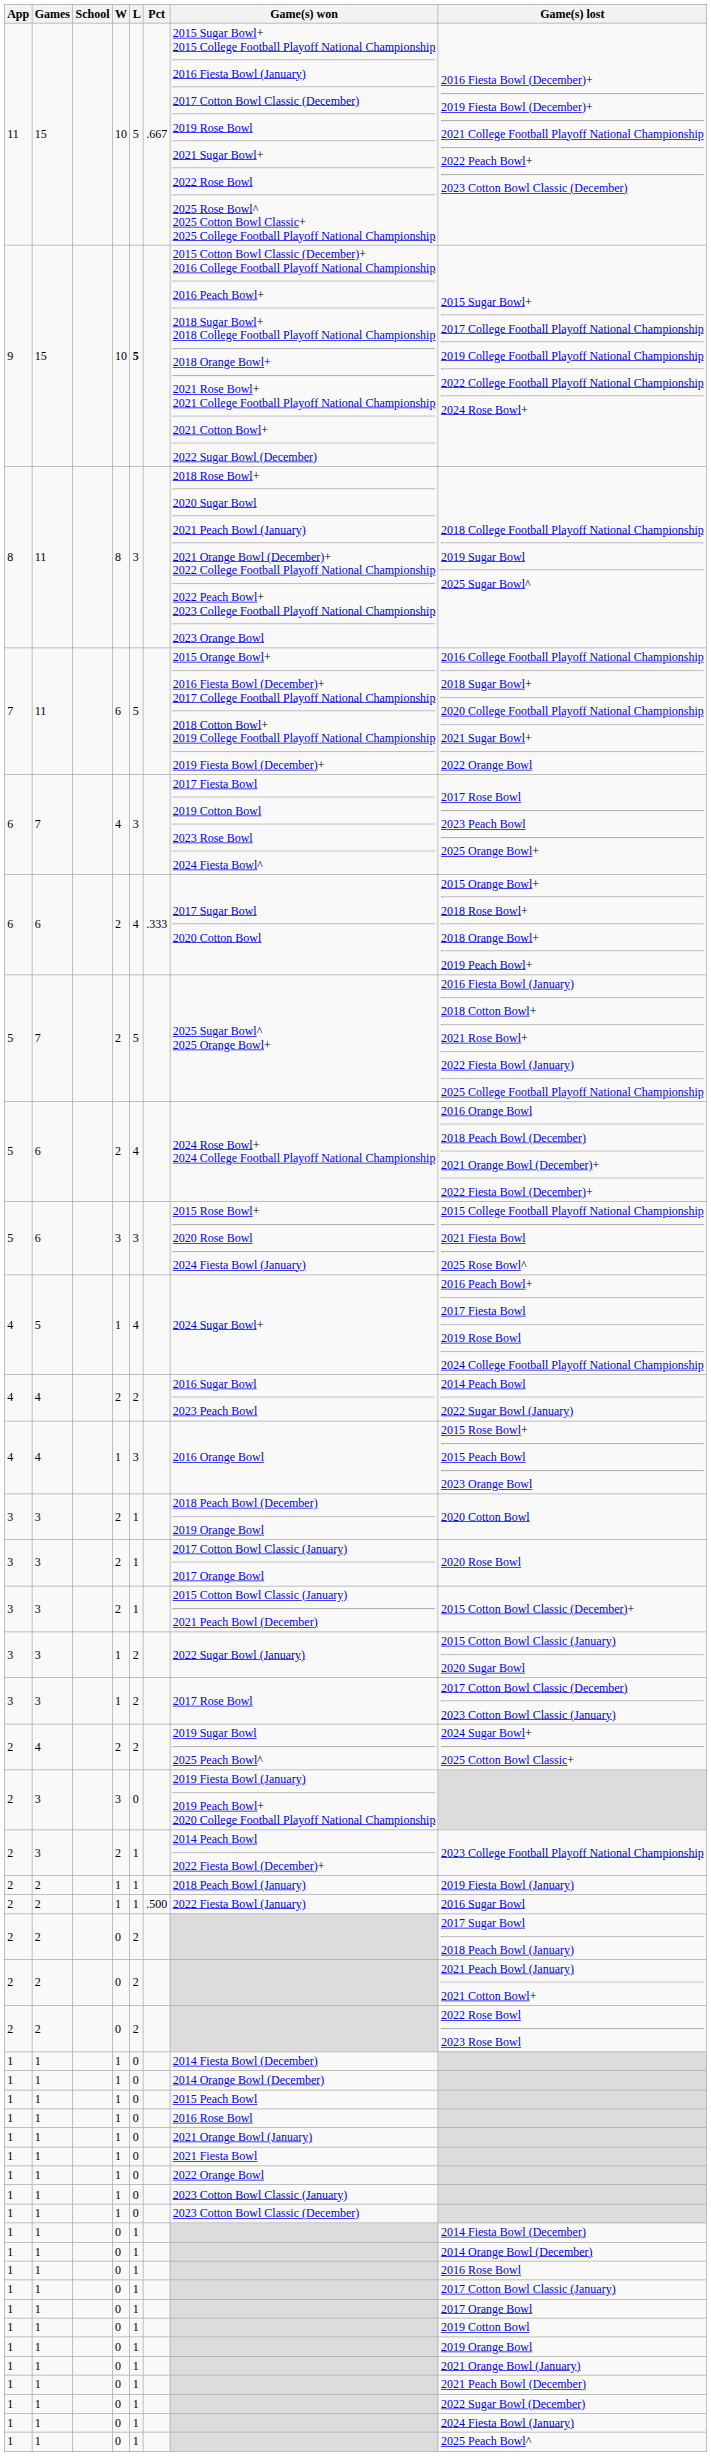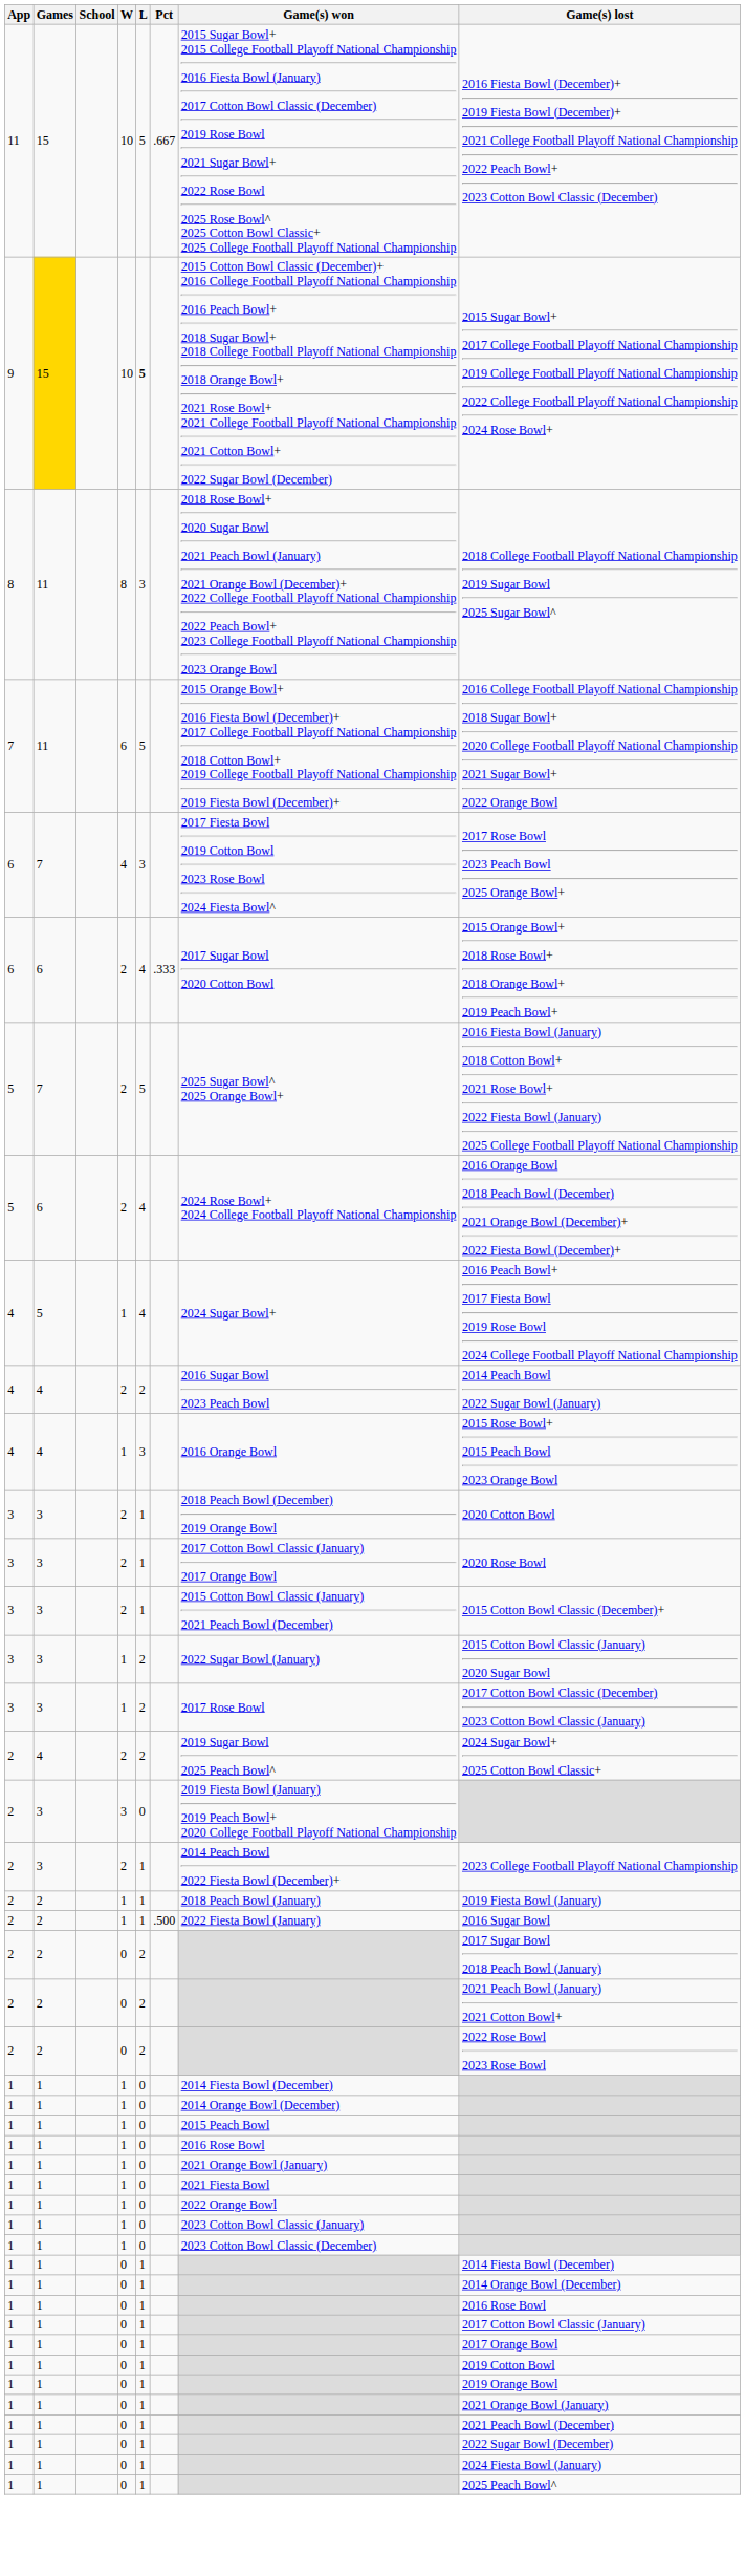 <table class="wikitable sortable">
 <tr>
 <th>App</th>
 <th>Games</th>
 <th>School</th>
 <th>W</th>
 <th>L</th>
 <th>Pct</th>
 <th class="unsortable" !>Game(s) won</th>
 <th class="unsortable" !>Game(s) lost</th>
 </tr>
 <tr>
 <td>11</td>
 <td>15</td>
 <td><a href='#'></a></td>
 <td>10</td>
 <td>5</td>
 <td>.667</td>
 <td><a href='#'>2015 Sugar Bowl</a>+<br><a href='#'>2015 College Football Playoff National Championship</a><hr><a href='#'>2016 Fiesta Bowl (January)</a><hr><a href='#'>2017 Cotton Bowl Classic (December)</a><hr><a href='#'>2019 Rose Bowl</a><hr><a href='#'>2021 Sugar Bowl</a>+<hr><a href='#'>2022 Rose Bowl</a><hr><a href='#'>2025 Rose Bowl</a>^<br><a href='#'>2025 Cotton Bowl Classic</a>+<br><a href='#'>2025 College Football Playoff National Championship</a></td>
 <td><a href='#'>2016 Fiesta Bowl (December)</a>+<hr><a href='#'>2019 Fiesta Bowl (December)</a>+<hr><a href='#'>2021 College Football Playoff National Championship</a><hr> <a href='#'>2022 Peach Bowl</a>+<hr><a href='#'>2023 Cotton Bowl Classic (December)</a></td>
 </tr>
 <tr>
 <td>9</td>
-<td>15</td>
+<td style="background: gold;">15</td>
 <td><a href='#'></a></td>
 <td>10</td>
 <td><strong>5</strong></td>
 <td></td>
 <td><a href='#'>2015 Cotton Bowl Classic (December)</a>+<br><a href='#'>2016 College Football Playoff National Championship</a><hr><a href='#'>2016 Peach Bowl</a>+<hr><a href='#'>2018 Sugar Bowl</a>+<br><a href='#'>2018 College Football Playoff National Championship</a><hr><a href='#'>2018 Orange Bowl</a>+<hr><a href='#'>2021 Rose Bowl</a>+<br><a href='#'>2021 College Football Playoff National Championship</a><hr><a href='#'>2021 Cotton Bowl</a>+ <hr> <a href='#'>2022 Sugar Bowl (December)</a></td>
 <td><a href='#'>2015 Sugar Bowl</a>+<hr><a href='#'>2017 College Football Playoff National Championship</a><hr><a href='#'>2019 College Football Playoff National Championship</a><hr><a href='#'>2022 College Football Playoff National Championship</a><hr><a href='#'>2024 Rose Bowl</a>+</td>
 </tr>
 <tr>
 <td>8</td>
 <td>11</td>
 <td><a href='#'></a></td>
 <td>8</td>
 <td>3</td>
 <td></td>
 <td><a href='#'>2018 Rose Bowl</a>+<hr><a href='#'>2020 Sugar Bowl</a><hr><a href='#'>2021 Peach Bowl (January)</a><hr><a href='#'>2021 Orange Bowl (December)</a>+ <br><a href='#'>2022 College Football Playoff National Championship</a><hr> <a href='#'>2022 Peach Bowl</a>+<br><a href='#'>2023 College Football Playoff National Championship</a> <hr><a href='#'>2023 Orange Bowl</a></td>
 <td><a href='#'>2018 College Football Playoff National Championship</a><hr><a href='#'>2019 Sugar Bowl</a><hr><a href='#'>2025 Sugar Bowl</a>^</td>
 </tr>
 <tr>
 <td>7</td>
 <td>11</td>
 <td><a href='#'></a></td>
 <td>6</td>
 <td>5</td>
 <td></td>
 <td><a href='#'>2015 Orange Bowl</a>+<hr><a href='#'>2016 Fiesta Bowl (December)</a>+<br><a href='#'>2017 College Football Playoff National Championship</a><hr><a href='#'>2018 Cotton Bowl</a>+<br><a href='#'>2019 College Football Playoff National Championship</a><hr><a href='#'>2019 Fiesta Bowl (December)</a>+</td>
 <td><a href='#'>2016 College Football Playoff National Championship</a><hr><a href='#'>2018 Sugar Bowl</a>+<hr><a href='#'>2020 College Football Playoff National Championship</a><hr><a href='#'>2021 Sugar Bowl</a>+<hr><a href='#'>2022 Orange Bowl</a></td>
 </tr>
 <tr>
 <td>6</td>
 <td>7</td>
 <td><a href='#'></a></td>
 <td>4</td>
 <td>3</td>
 <td></td>
 <td><a href='#'>2017 Fiesta Bowl</a><hr><a href='#'>2019 Cotton Bowl</a><hr><a href='#'>2023 Rose Bowl</a><hr><a href='#'>2024 Fiesta Bowl</a>^</td>
 <td><a href='#'>2017 Rose Bowl</a><hr> <a href='#'>2023 Peach Bowl</a><hr><a href='#'>2025 Orange Bowl</a>+</td>
 </tr>
 <tr>
 <td>6</td>
 <td>6</td>
 <td><a href='#'></a></td>
 <td>2</td>
 <td>4</td>
 <td>.333</td>
 <td><a href='#'>2017 Sugar Bowl</a><hr><a href='#'>2020 Cotton Bowl</a></td>
 <td><a href='#'>2015 Orange Bowl</a>+<hr><a href='#'>2018 Rose Bowl</a>+<hr><a href='#'>2018 Orange Bowl</a>+<hr><a href='#'>2019 Peach Bowl</a>+</td>
 </tr>
 <tr>
 <td>5</td>
 <td>7</td>
 <td><a href='#'></a></td>
 <td>2</td>
 <td>5</td>
 <td></td>
 <td><a href='#'>2025 Sugar Bowl</a>^<br><a href='#'>2025 Orange Bowl</a>+</td>
 <td><a href='#'>2016 Fiesta Bowl (January)</a><hr> <a href='#'>2018 Cotton Bowl</a>+<hr> <a href='#'>2021 Rose Bowl</a>+<hr><a href='#'>2022 Fiesta Bowl (January)</a><hr><a href='#'>2025 College Football Playoff National Championship</a></td>
 </tr>
 <tr>
 <td>5</td>
 <td>6</td>
 <td><a href='#'></a></td>
 <td>2</td>
 <td>4</td>
 <td></td>
 <td><a href='#'>2024 Rose Bowl</a>+<br><a href='#'>2024 College Football Playoff National Championship</a></td>
 <td><a href='#'>2016 Orange Bowl</a><hr> <a href='#'>2018 Peach Bowl (December)</a><hr><a href='#'>2021 Orange Bowl (December)</a>+ <hr> <a href='#'>2022 Fiesta Bowl (December)</a>+</td>
-</tr>
-<tr>
-<td>5</td>
-<td>6</td>
-<td><a href='#'></a></td>
-<td>3</td>
-<td>3</td>
-<td></td>
-<td><a href='#'>2015 Rose Bowl</a>+<hr><a href='#'>2020 Rose Bowl</a><hr><a href='#'>2024 Fiesta Bowl (January)</a></td>
-<td><a href='#'>2015 College Football Playoff National Championship</a><hr> <a href='#'>2021 Fiesta Bowl</a><hr><a href='#'>2025 Rose Bowl</a>^</td>
 </tr>
 <tr>
 <td>4</td>
 <td>5</td>
 <td><a href='#'></a></td>
 <td>1</td>
 <td>4</td>
 <td></td>
 <td><a href='#'>2024 Sugar Bowl</a>+</td>
 <td><a href='#'>2016 Peach Bowl</a>+<hr><a href='#'>2017 Fiesta Bowl</a><hr><a href='#'>2019 Rose Bowl</a><hr><a href='#'>2024 College Football Playoff National Championship</a></td>
 </tr>
 <tr>
 <td>4</td>
 <td>4</td>
 <td><a href='#'></a></td>
 <td>2</td>
 <td>2</td>
 <td></td>
 <td><a href='#'>2016 Sugar Bowl</a><hr><a href='#'>2023 Peach Bowl</a></td>
 <td><a href='#'>2014 Peach Bowl</a><hr><a href='#'>2022 Sugar Bowl (January)</a></td>
 </tr>
 <tr>
 <td>4</td>
 <td>4</td>
 <td><a href='#'></a></td>
 <td>1</td>
 <td>3</td>
 <td></td>
 <td><a href='#'>2016 Orange Bowl</a></td>
 <td><a href='#'>2015 Rose Bowl</a>+<hr><a href='#'>2015 Peach Bowl</a><hr><a href='#'>2023 Orange Bowl</a></td>
 </tr>
 <tr>
 <td>3</td>
 <td>3</td>
 <td><a href='#'></a></td>
 <td>2</td>
 <td>1</td>
 <td></td>
 <td><a href='#'>2018 Peach Bowl (December)</a><hr><a href='#'>2019 Orange Bowl</a></td>
 <td><a href='#'>2020 Cotton Bowl</a></td>
 </tr>
 <tr>
 <td>3</td>
 <td>3</td>
 <td><a href='#'></a></td>
 <td>2</td>
 <td>1</td>
 <td></td>
 <td><a href='#'>2017 Cotton Bowl Classic (January)</a><hr><a href='#'>2017 Orange Bowl</a></td>
 <td><a href='#'>2020 Rose Bowl</a></td>
 </tr>
 <tr>
 <td>3</td>
 <td>3</td>
 <td><a href='#'></a></td>
 <td>2</td>
 <td>1</td>
 <td></td>
 <td><a href='#'>2015 Cotton Bowl Classic (January)</a><hr><a href='#'>2021 Peach Bowl (December)</a></td>
 <td><a href='#'>2015 Cotton Bowl Classic (December)</a>+</td>
 </tr>
 <tr>
 <td>3</td>
 <td>3</td>
 <td><a href='#'></a></td>
 <td>1</td>
 <td>2</td>
 <td></td>
 <td><a href='#'>2022 Sugar Bowl (January)</a></td>
 <td><a href='#'>2015 Cotton Bowl Classic (January)</a><hr><a href='#'>2020 Sugar Bowl</a></td>
 </tr>
 <tr>
 <td>3</td>
 <td>3</td>
 <td><a href='#'></a></td>
 <td>1</td>
 <td>2</td>
 <td></td>
 <td><a href='#'>2017 Rose Bowl</a></td>
 <td><a href='#'>2017 Cotton Bowl Classic (December)</a><hr><a href='#'>2023 Cotton Bowl Classic (January)</a></td>
 </tr>
 <tr>
 <td>2</td>
 <td>4</td>
 <td><a href='#'></a></td>
 <td>2</td>
 <td>2</td>
 <td></td>
 <td><a href='#'>2019 Sugar Bowl</a><hr><a href='#'>2025 Peach Bowl</a>^</td>
 <td><a href='#'>2024 Sugar Bowl</a>+<hr><a href='#'>2025 Cotton Bowl Classic</a>+</td>
 </tr>
 <tr>
 <td>2</td>
 <td>3</td>
 <td><a href='#'></a></td>
 <td>3</td>
 <td>0</td>
 <td></td>
 <td><a href='#'>2019 Fiesta Bowl (January)</a><hr><a href='#'>2019 Peach Bowl</a>+<br><a href='#'>2020 College Football Playoff National Championship</a></td>
 <td style="background:#DCDCDC;"> </td>
 </tr>
 <tr>
 <td>2</td>
 <td>3</td>
 <td><a href='#'></a></td>
 <td>2</td>
 <td>1</td>
 <td></td>
 <td><a href='#'>2014 Peach Bowl</a> <hr> <a href='#'>2022 Fiesta Bowl (December)</a>+</td>
 <td><a href='#'>2023 College Football Playoff National Championship</a></td>
 </tr>
 <tr>
 <td>2</td>
 <td>2</td>
 <td><a href='#'></a></td>
 <td>1</td>
 <td>1</td>
 <td></td>
 <td><a href='#'>2018 Peach Bowl (January)</a></td>
 <td><a href='#'>2019 Fiesta Bowl (January)</a></td>
 </tr>
 <tr>
 <td>2</td>
 <td>2</td>
 <td><a href='#'></a></td>
 <td>1</td>
 <td>1</td>
 <td>.500</td>
 <td><a href='#'>2022 Fiesta Bowl (January)</a></td>
 <td><a href='#'>2016 Sugar Bowl</a></td>
 </tr>
 <tr>
 <td>2</td>
 <td>2</td>
 <td><a href='#'></a></td>
 <td>0</td>
 <td>2</td>
 <td></td>
 <td style="background:#DCDCDC;"> </td>
 <td><a href='#'>2017 Sugar Bowl</a><hr> <a href='#'>2018 Peach Bowl (January)</a></td>
 </tr>
 <tr>
 <td>2</td>
 <td>2</td>
 <td><a href='#'></a></td>
 <td>0</td>
 <td>2</td>
 <td></td>
 <td style="background:#DCDCDC;"> </td>
 <td><a href='#'>2021 Peach Bowl (January)</a><hr><a href='#'>2021 Cotton Bowl</a>+</td>
 </tr>
 <tr>
 <td>2</td>
 <td>2</td>
 <td><a href='#'></a></td>
 <td>0</td>
 <td>2</td>
 <td></td>
 <td style="background:#DCDCDC;"> </td>
 <td><a href='#'>2022 Rose Bowl</a><hr> <a href='#'>2023 Rose Bowl</a></td>
 </tr>
 <tr>
 <td>1</td>
 <td>1</td>
 <td><a href='#'></a></td>
 <td>1</td>
 <td>0</td>
 <td></td>
 <td><a href='#'>2014 Fiesta Bowl (December)</a></td>
 <td style="background:#DCDCDC;"> </td>
 </tr>
 <tr>
 <td>1</td>
 <td>1</td>
 <td><a href='#'></a></td>
 <td>1</td>
 <td>0</td>
 <td></td>
 <td><a href='#'>2014 Orange Bowl (December)</a></td>
 <td style="background:#DCDCDC;"> </td>
 </tr>
 <tr>
 <td>1</td>
 <td>1</td>
 <td><a href='#'></a></td>
 <td>1</td>
 <td>0</td>
 <td></td>
 <td><a href='#'>2015 Peach Bowl</a></td>
 <td style="background:#DCDCDC;"> </td>
 </tr>
 <tr>
 <td>1</td>
 <td>1</td>
 <td><a href='#'></a></td>
 <td>1</td>
 <td>0</td>
 <td></td>
 <td><a href='#'>2016 Rose Bowl</a></td>
 <td style="background:#DCDCDC;"> </td>
 </tr>
 <tr>
 <td>1</td>
 <td>1</td>
 <td><a href='#'></a></td>
 <td>1</td>
 <td>0</td>
 <td></td>
 <td><a href='#'>2021 Orange Bowl (January)</a></td>
 <td style="background:#DCDCDC;"> </td>
 </tr>
 <tr>
 <td>1</td>
 <td>1</td>
 <td><a href='#'></a></td>
 <td>1</td>
 <td>0</td>
 <td></td>
 <td><a href='#'>2021 Fiesta Bowl</a></td>
 <td style="background:#DCDCDC;"> </td>
 </tr>
 <tr>
 <td>1</td>
 <td>1</td>
 <td><a href='#'></a></td>
 <td>1</td>
 <td>0</td>
 <td></td>
 <td><a href='#'>2022 Orange Bowl</a></td>
 <td style="background:#DCDCDC;"> </td>
 </tr>
 <tr>
 <td>1</td>
 <td>1</td>
 <td><a href='#'></a></td>
 <td>1</td>
 <td>0</td>
 <td></td>
 <td><a href='#'>2023 Cotton Bowl Classic (January)</a></td>
 <td style="background:#DCDCDC;"> </td>
 </tr>
 <tr>
 <td>1</td>
 <td>1</td>
 <td><a href='#'></a></td>
 <td>1</td>
 <td>0</td>
 <td></td>
 <td><a href='#'>2023 Cotton Bowl Classic (December)</a></td>
 <td style="background:#DCDCDC;"> </td>
 </tr>
 <tr>
 <td>1</td>
 <td>1</td>
 <td><a href='#'></a></td>
 <td>0</td>
 <td>1</td>
 <td></td>
 <td style="background:#DCDCDC;"> </td>
 <td><a href='#'>2014 Fiesta Bowl (December)</a></td>
 </tr>
 <tr>
 <td>1</td>
 <td>1</td>
 <td><a href='#'></a></td>
 <td>0</td>
 <td>1</td>
 <td></td>
 <td style="background:#DCDCDC;"> </td>
 <td><a href='#'>2014 Orange Bowl (December)</a></td>
 </tr>
 <tr>
 <td>1</td>
 <td>1</td>
 <td><a href='#'></a></td>
 <td>0</td>
 <td>1</td>
 <td></td>
 <td style="background:#DCDCDC;"> </td>
 <td><a href='#'>2016 Rose Bowl</a></td>
 </tr>
 <tr>
 <td>1</td>
 <td>1</td>
 <td><a href='#'></a></td>
 <td>0</td>
 <td>1</td>
 <td></td>
 <td style="background:#DCDCDC;"> </td>
 <td><a href='#'>2017 Cotton Bowl Classic (January)</a></td>
 </tr>
 <tr>
 <td>1</td>
 <td>1</td>
 <td><a href='#'></a></td>
 <td>0</td>
 <td>1</td>
 <td></td>
 <td style="background:#DCDCDC;"> </td>
 <td><a href='#'>2017 Orange Bowl</a></td>
 </tr>
 <tr>
 <td>1</td>
 <td>1</td>
 <td><a href='#'></a></td>
 <td>0</td>
 <td>1</td>
 <td></td>
 <td style="background:#DCDCDC;"> </td>
 <td><a href='#'>2019 Cotton Bowl</a></td>
 </tr>
 <tr>
 <td>1</td>
 <td>1</td>
 <td><a href='#'></a></td>
 <td>0</td>
 <td>1</td>
 <td></td>
 <td style="background:#DCDCDC;"> </td>
 <td><a href='#'>2019 Orange Bowl</a></td>
 </tr>
 <tr>
 <td>1</td>
 <td>1</td>
 <td><a href='#'></a></td>
 <td>0</td>
 <td>1</td>
 <td></td>
 <td style="background:#DCDCDC;"> </td>
 <td><a href='#'>2021 Orange Bowl (January)</a></td>
 </tr>
 <tr>
 <td>1</td>
 <td>1</td>
 <td><a href='#'></a></td>
 <td>0</td>
 <td>1</td>
 <td></td>
 <td style="background:#DCDCDC;"> </td>
 <td><a href='#'>2021 Peach Bowl (December)</a></td>
 </tr>
 <tr>
 <td>1</td>
 <td>1</td>
 <td><a href='#'></a></td>
 <td>0</td>
 <td>1</td>
 <td></td>
 <td style="background:#DCDCDC;"> </td>
 <td><a href='#'>2022 Sugar Bowl (December)</a></td>
 </tr>
 <tr>
 <td>1</td>
 <td>1</td>
 <td><a href='#'></a></td>
 <td>0</td>
 <td>1</td>
 <td></td>
 <td style="background:#DCDCDC;"> </td>
 <td><a href='#'>2024 Fiesta Bowl (January)</a></td>
 </tr>
 <tr>
 <td>1</td>
 <td>1</td>
 <td><a href='#'></a></td>
 <td>0</td>
 <td>1</td>
 <td></td>
 <td style="background:#DCDCDC;"> </td>
 <td><a href='#'>2025 Peach Bowl</a>^</td>
 </tr>
 </table>
